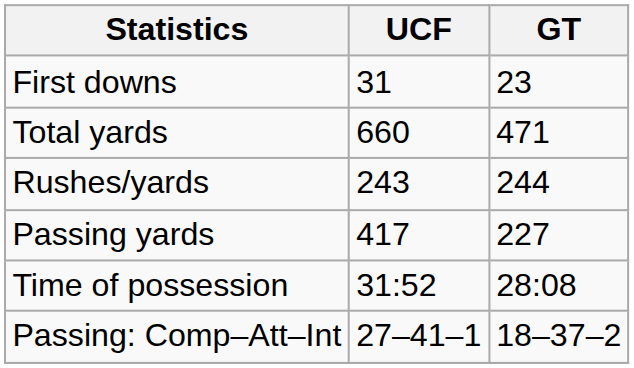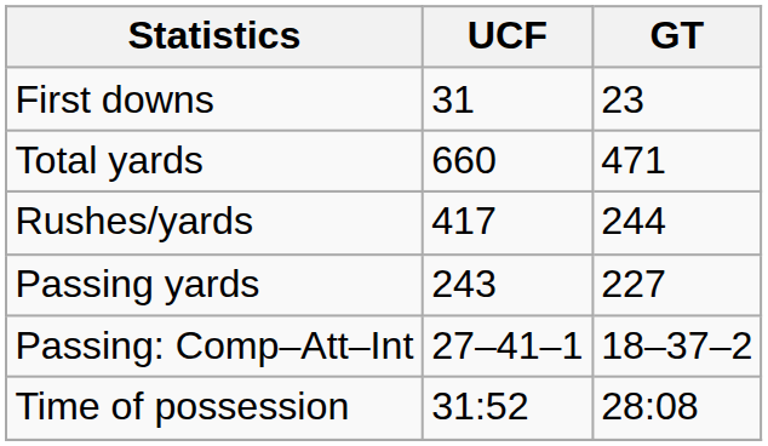 <table class="wikitable" style="float: left;">
 <tr>
 <th>Statistics</th>
 <th>UCF</th>
 <th>GT</th>
 </tr>
 <tr>
 <td>First downs</td>
 <td>31</td>
 <td>23</td>
 </tr>
 <tr>
 <td>Total yards</td>
 <td>660</td>
 <td>471</td>
 </tr>
 <tr>
 <td>Rushes/yards</td>
-<td>243</td>
+<td>417</td>
 <td>244</td>
 </tr>
 <tr>
 <td>Passing yards</td>
-<td>417</td>
+<td>243</td>
 <td>227</td>
+</tr>
+<tr>
+<td>Passing: Comp–Att–Int</td>
+<td>27–41–1</td>
+<td>18–37–2</td>
 </tr>
 <tr>
 <td>Time of possession</td>
 <td>31:52</td>
 <td>28:08</td>
 </tr>
 <tr>
-<td>Passing: Comp–Att–Int</td>
-<td>27–41–1</td>
-<td>18–37–2</td>
-</tr>
-<tr>
 </tr>
 </table>
